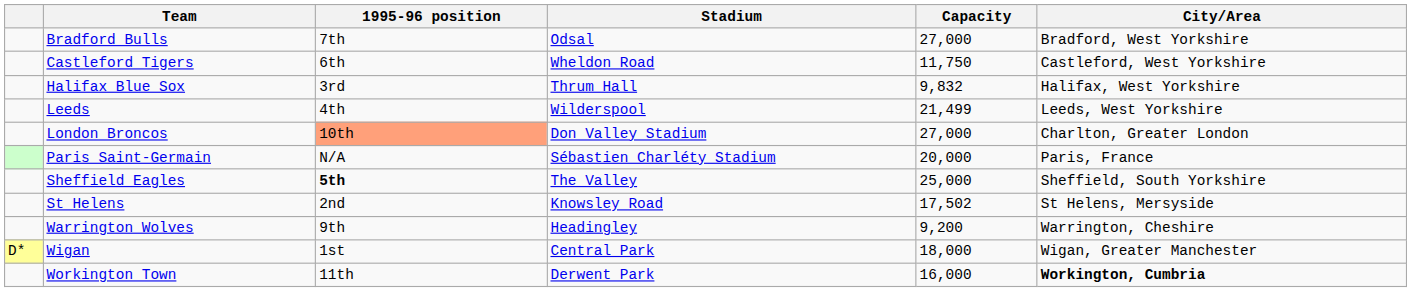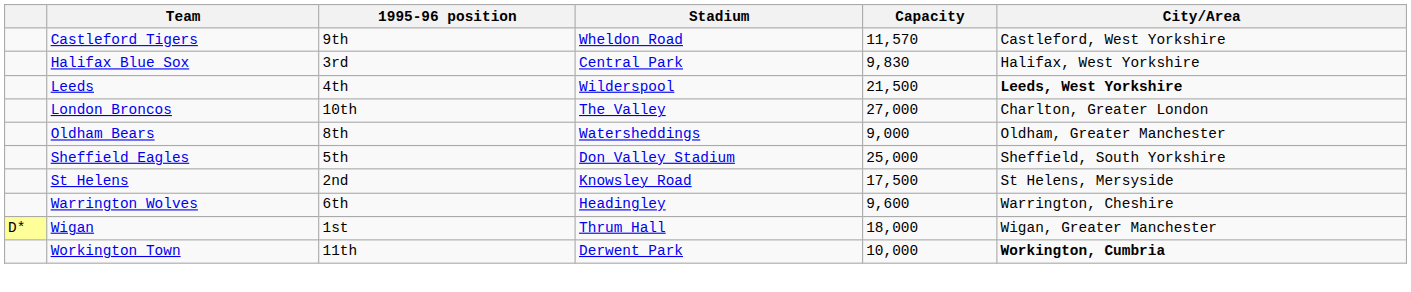 <table style="width:100%;" class="wikitable sortable">
 <tr>
 <th></th>
 <th>Team</th>
 <th>1995-96 position</th>
 <th>Stadium</th>
 <th>Capacity</th>
 <th>City/Area</th>
 </tr>
 <tr>
 <td></td>
-<td> <a href='#'>Bradford Bulls</a></td>
-<td>7th</td>
-<td><a href='#'>Odsal</a></td>
-<td>27,000</td>
-<td>Bradford, West Yorkshire</td>
-</tr>
-<tr>
-<td></td>
 <td> <a href='#'>Castleford Tigers</a></td>
-<td>6th</td>
+<td>9th</td>
 <td><a href='#'>Wheldon Road</a></td>
-<td>11,750</td>
+<td>11,570</td>
 <td>Castleford, West Yorkshire</td>
 </tr>
 <tr>
 <td></td>
 <td> <a href='#'>Halifax Blue Sox</a></td>
 <td>3rd</td>
-<td><a href='#'>Thrum Hall</a></td>
-<td>9,832</td>
+<td><a href='#'>Central Park</a></td>
+<td>9,830</td>
 <td>Halifax, West Yorkshire</td>
 </tr>
 <tr>
 <td></td>
 <td> <a href='#'>Leeds</a></td>
 <td>4th</td>
 <td><a href='#'>Wilderspool</a></td>
-<td>21,499</td>
-<td>Leeds, West Yorkshire</td>
+<td>21,500</td>
+<td><strong>Leeds, West Yorkshire</strong></td>
 </tr>
 <tr>
 <td></td>
 <td> <a href='#'>London Broncos</a></td>
-<td style="background: lightsalmon;">10th</td>
-<td><a href='#'>Don Valley Stadium</a></td>
+<td>10th</td>
+<td><a href='#'>The Valley</a></td>
 <td>27,000</td>
 <td>Charlton, Greater London</td>
 </tr>
 <tr>
-<td style="background:#CCFFCC;"></td>
-<td> <a href='#'>Paris Saint-Germain</a></td>
-<td>N/A</td>
-<td><a href='#'>Sébastien Charléty Stadium</a></td>
-<td>20,000</td>
-<td>Paris, France</td>
+<td></td>
+<td> <a href='#'>Oldham Bears</a></td>
+<td>8th</td>
+<td><a href='#'>Watersheddings</a></td>
+<td>9,000</td>
+<td>Oldham, Greater Manchester</td>
 </tr>
 <tr>
 <td></td>
 <td> <a href='#'>Sheffield Eagles</a></td>
-<td><strong>5th</strong></td>
-<td><a href='#'>The Valley</a></td>
+<td>5th</td>
+<td><a href='#'>Don Valley Stadium</a></td>
 <td>25,000</td>
 <td>Sheffield, South Yorkshire</td>
 </tr>
 <tr>
 <td></td>
 <td> <a href='#'>St Helens</a></td>
 <td>2nd</td>
 <td><a href='#'>Knowsley Road</a></td>
-<td>17,502</td>
+<td>17,500</td>
 <td>St Helens, Mersyside</td>
 </tr>
 <tr>
 <td></td>
 <td> <a href='#'>Warrington Wolves</a></td>
-<td>9th</td>
+<td>6th</td>
 <td><a href='#'>Headingley</a></td>
-<td>9,200</td>
+<td>9,600</td>
 <td>Warrington, Cheshire</td>
 </tr>
 <tr>
 <td style="background:#ff9;">D*</td>
 <td> <a href='#'>Wigan</a></td>
 <td>1st</td>
-<td><a href='#'>Central Park</a></td>
+<td><a href='#'>Thrum Hall</a></td>
 <td>18,000</td>
 <td>Wigan, Greater Manchester</td>
 </tr>
 <tr>
 <td></td>
 <td> <a href='#'>Workington Town</a></td>
 <td>11th</td>
 <td><a href='#'>Derwent Park</a></td>
-<td>16,000</td>
+<td>10,000</td>
 <td><strong>Workington, Cumbria</strong></td>
 </tr>
 </table>
